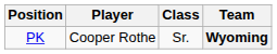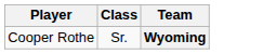 <table class="wikitable sortable" border="1">
 <tr>
-<th>Position</th>
 <th>Player</th>
 <th>Class</th>
 <th>Team</th>
 </tr>
 <tr>
-<td style="text-align:center;"><a href='#'>PK</a></td>
 <td style="text-align:center;">Cooper Rothe</td>
 <td style="text-align:center;">Sr.</td>
 <th>Wyoming</th>
 </tr>
 </table>
